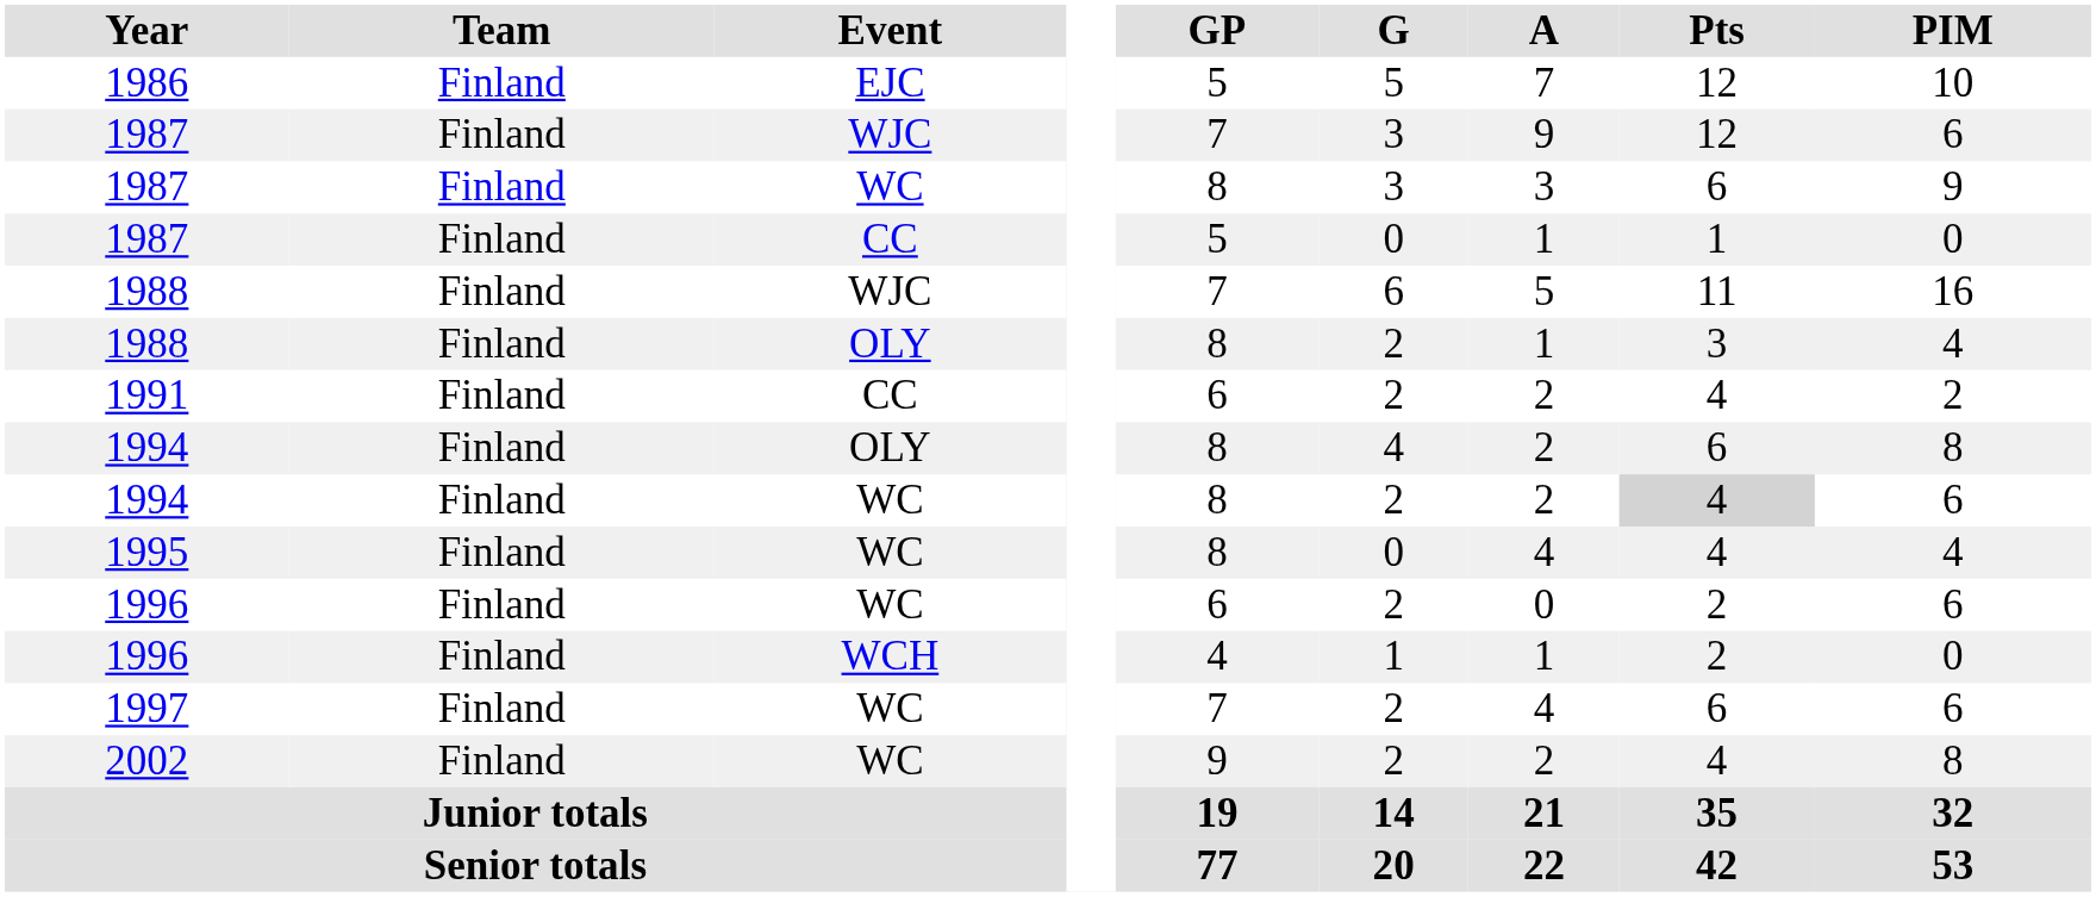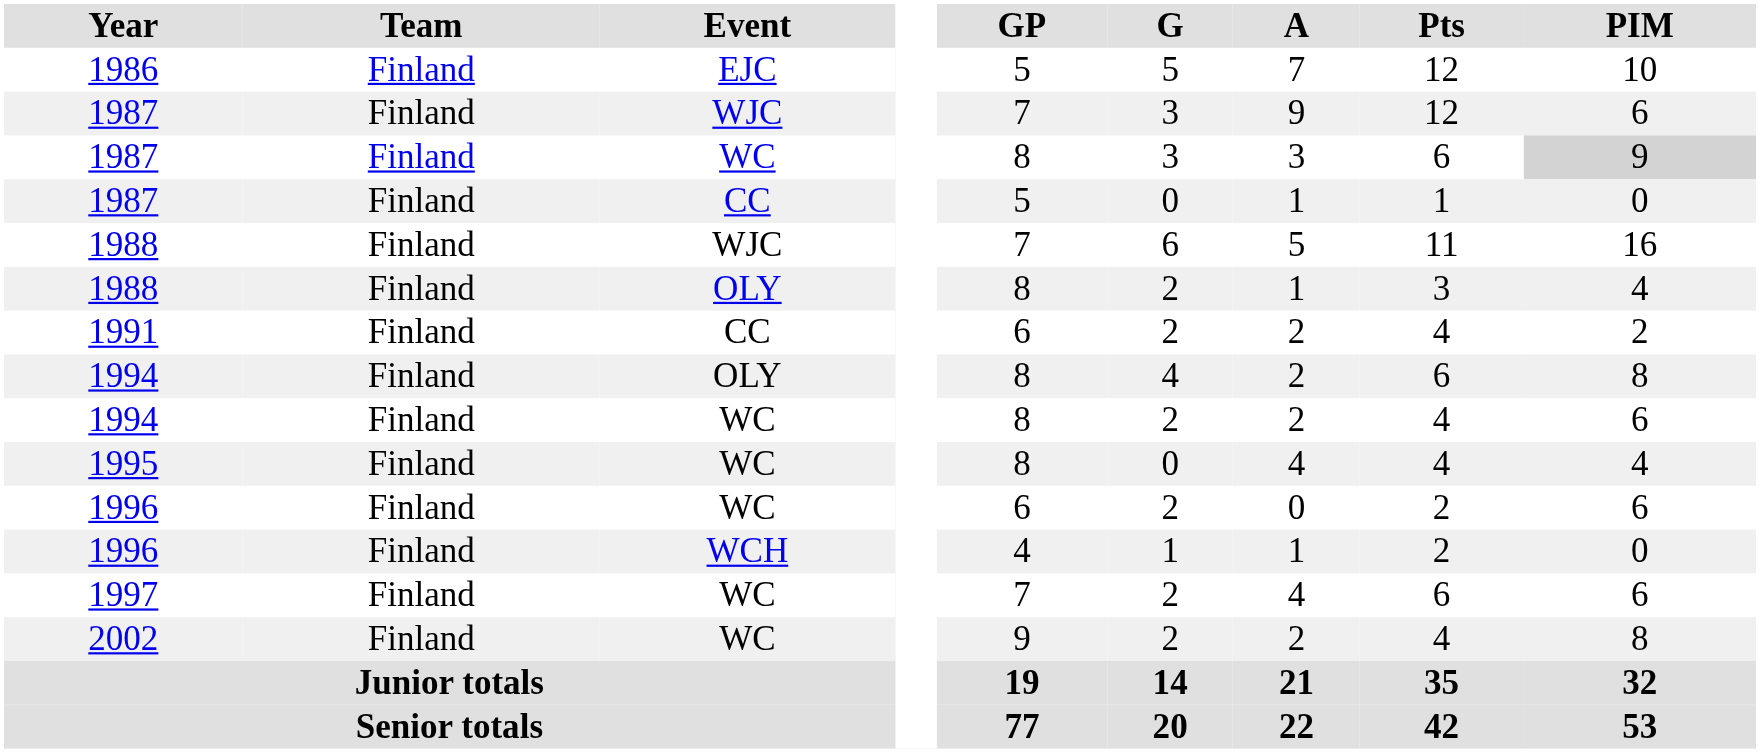 <table border="0" cellpadding="1" cellspacing="0" style="text-align:center; width:50em">
 <tr ALIGN="center" bgcolor="#e0e0e0">
 <th>Year</th>
 <th>Team</th>
 <th>Event</th>
 <th rowspan="99" bgcolor="#ffffff"> </th>
 <th>GP</th>
 <th>G</th>
 <th>A</th>
 <th>Pts</th>
 <th>PIM</th>
 </tr>
 <tr>
 <td><a href='#'>1986</a></td>
 <td><a href='#'>Finland</a></td>
 <td><a href='#'>EJC</a></td>
 <td>5</td>
 <td>5</td>
 <td>7</td>
 <td>12</td>
 <td>10</td>
 </tr>
 <tr bgcolor="#f0f0f0">
 <td><a href='#'>1987</a></td>
 <td>Finland</td>
 <td><a href='#'>WJC</a></td>
 <td>7</td>
 <td>3</td>
 <td>9</td>
 <td>12</td>
 <td>6</td>
 </tr>
 <tr>
 <td><a href='#'>1987</a></td>
 <td><a href='#'>Finland</a></td>
 <td><a href='#'>WC</a></td>
 <td>8</td>
 <td>3</td>
 <td>3</td>
 <td>6</td>
-<td>9</td>
+<td style="background: lightgrey;">9</td>
 </tr>
 <tr bgcolor="#f0f0f0">
 <td><a href='#'>1987</a></td>
 <td>Finland</td>
 <td><a href='#'>CC</a></td>
 <td>5</td>
 <td>0</td>
 <td>1</td>
 <td>1</td>
 <td>0</td>
 </tr>
 <tr>
 <td><a href='#'>1988</a></td>
 <td>Finland</td>
 <td>WJC</td>
 <td>7</td>
 <td>6</td>
 <td>5</td>
 <td>11</td>
 <td>16</td>
 </tr>
 <tr bgcolor="#f0f0f0">
 <td><a href='#'>1988</a></td>
 <td>Finland</td>
 <td><a href='#'>OLY</a></td>
 <td>8</td>
 <td>2</td>
 <td>1</td>
 <td>3</td>
 <td>4</td>
 </tr>
 <tr>
 <td><a href='#'>1991</a></td>
 <td>Finland</td>
 <td>CC</td>
 <td>6</td>
 <td>2</td>
 <td>2</td>
 <td>4</td>
 <td>2</td>
 </tr>
 <tr bgcolor="#f0f0f0">
 <td><a href='#'>1994</a></td>
 <td>Finland</td>
 <td>OLY</td>
 <td>8</td>
 <td>4</td>
 <td>2</td>
 <td>6</td>
 <td>8</td>
 </tr>
 <tr>
 <td><a href='#'>1994</a></td>
 <td>Finland</td>
 <td>WC</td>
 <td>8</td>
 <td>2</td>
 <td>2</td>
-<td style="background: lightgrey;">4</td>
+<td>4</td>
 <td>6</td>
 </tr>
 <tr bgcolor="#f0f0f0">
 <td><a href='#'>1995</a></td>
 <td>Finland</td>
 <td>WC</td>
 <td>8</td>
 <td>0</td>
 <td>4</td>
 <td>4</td>
 <td>4</td>
 </tr>
 <tr>
 <td><a href='#'>1996</a></td>
 <td>Finland</td>
 <td>WC</td>
 <td>6</td>
 <td>2</td>
 <td>0</td>
 <td>2</td>
 <td>6</td>
 </tr>
 <tr bgcolor="#f0f0f0">
 <td><a href='#'>1996</a></td>
 <td>Finland</td>
 <td><a href='#'>WCH</a></td>
 <td>4</td>
 <td>1</td>
 <td>1</td>
 <td>2</td>
 <td>0</td>
 </tr>
 <tr>
 <td><a href='#'>1997</a></td>
 <td>Finland</td>
 <td>WC</td>
 <td>7</td>
 <td>2</td>
 <td>4</td>
 <td>6</td>
 <td>6</td>
 </tr>
 <tr bgcolor="#f0f0f0">
 <td><a href='#'>2002</a></td>
 <td>Finland</td>
 <td>WC</td>
 <td>9</td>
 <td>2</td>
 <td>2</td>
 <td>4</td>
 <td>8</td>
 </tr>
 <tr bgcolor="#e0e0e0">
 <th colspan=3>Junior totals</th>
 <th>19</th>
 <th>14</th>
 <th>21</th>
 <th>35</th>
 <th>32</th>
 </tr>
 <tr bgcolor="#e0e0e0">
 <th colspan=3>Senior totals</th>
 <th>77</th>
 <th>20</th>
 <th>22</th>
 <th>42</th>
 <th>53</th>
 </tr>
 </table>
